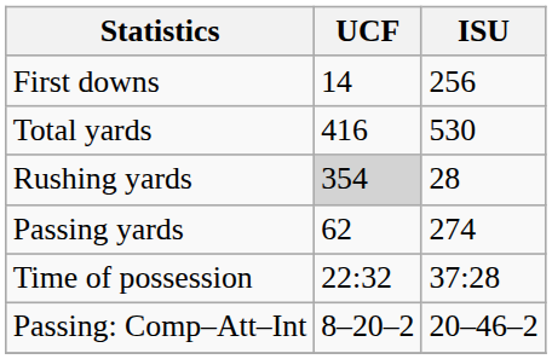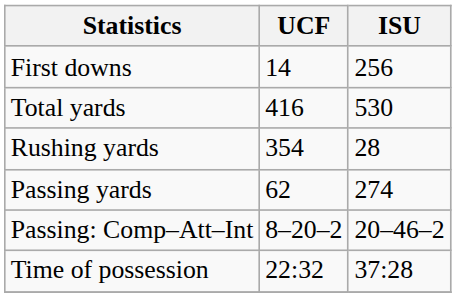 <table class="wikitable" style="float: left;">
 <tr>
 <th>Statistics</th>
 <th>UCF</th>
 <th>ISU</th>
 </tr>
 <tr>
 <td>First downs</td>
 <td>14</td>
 <td>256</td>
 </tr>
 <tr>
 <td>Total yards</td>
 <td>416</td>
 <td>530</td>
 </tr>
 <tr>
 <td>Rushing yards</td>
-<td style="background: lightgrey;">354</td>
+<td>354</td>
 <td>28</td>
 </tr>
 <tr>
 <td>Passing yards</td>
 <td>62</td>
 <td>274</td>
 </tr>
 <tr>
+<td>Passing: Comp–Att–Int</td>
+<td>8–20–2</td>
+<td>20–46–2</td>
+</tr>
+<tr>
 <td>Time of possession</td>
 <td>22:32</td>
 <td>37:28</td>
 </tr>
 <tr>
-<td>Passing: Comp–Att–Int</td>
-<td>8–20–2</td>
-<td>20–46–2</td>
-</tr>
-<tr>
 </tr>
 </table>
